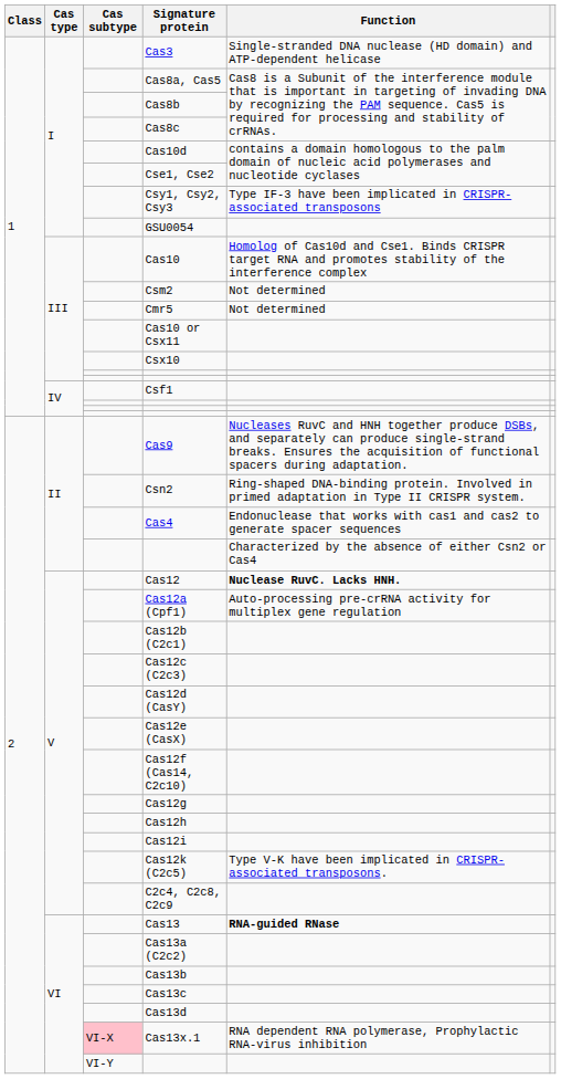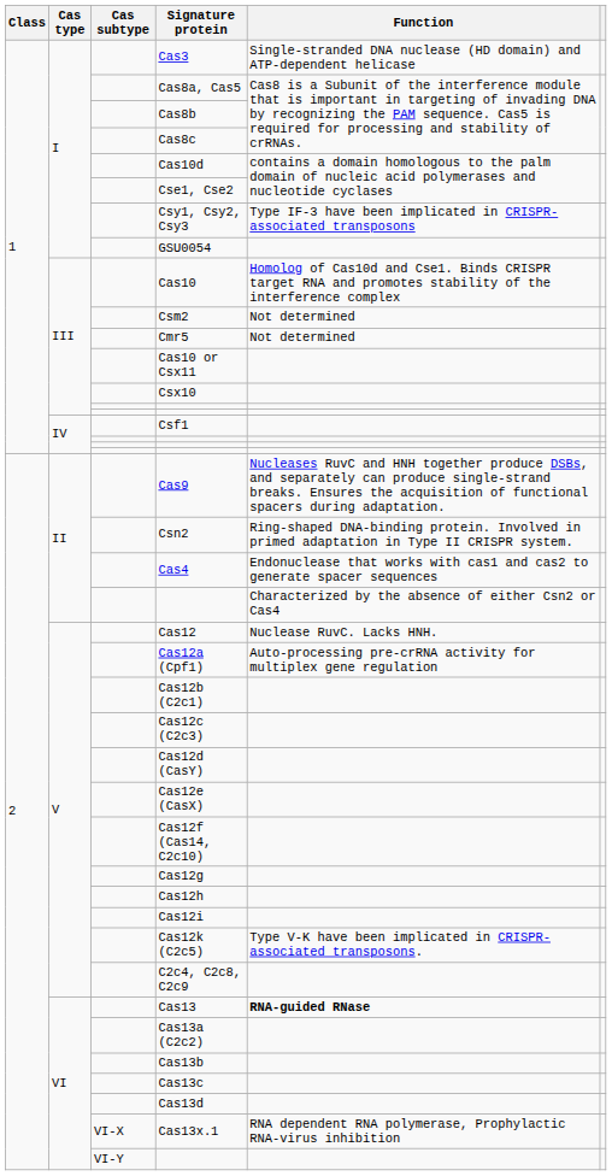 <table class="wikitable center" style="width:100%">
 <tr>
 <th>Class</th>
 <th>Cas type</th>
 <th>Cas subtype</th>
 <th>Signature protein</th>
 <th>Function</th>
 <th></th>
 </tr>
 <tr>
 <td rowspan="19">1</td>
 <td rowspan="8">I</td>
 <td></td>
 <td><a href='#'>Cas3</a></td>
 <td>Single-stranded DNA nuclease (HD domain) and ATP-dependent helicase</td>
 <td></td>
 </tr>
 <tr>
 <td></td>
 <td>Cas8a, Cas5</td>
 <td rowspan="3">Cas8 is a Subunit of the interference module that is important in targeting of invading DNA by recognizing the <a href='#'>PAM</a> sequence. Cas5 is required for processing and stability of crRNAs.</td>
 <td rowspan="3"></td>
 </tr>
 <tr>
 <td></td>
 <td>Cas8b</td>
 </tr>
 <tr>
 <td></td>
 <td>Cas8c</td>
 </tr>
 <tr>
 <td></td>
 <td>Cas10d</td>
 <td rowspan="2">contains a domain homologous to the palm domain of nucleic acid polymerases and nucleotide cyclases</td>
 <td rowspan="2"></td>
 </tr>
 <tr>
 <td></td>
 <td>Cse1, Cse2</td>
 </tr>
 <tr>
 <td></td>
 <td>Csy1, Csy2, Csy3</td>
 <td>Type IF-3 have been implicated in <a href='#'>CRISPR-associated transposons</a></td>
 <td></td>
 </tr>
 <tr>
 <td></td>
 <td>GSU0054</td>
 <td></td>
 <td></td>
 </tr>
 <tr>
 <td rowspan="7">III</td>
 <td></td>
 <td>Cas10</td>
 <td><a href='#'>Homolog</a> of Cas10d and Cse1. Binds CRISPR target RNA and promotes stability of the interference complex</td>
 <td></td>
 </tr>
 <tr>
 <td></td>
 <td>Csm2</td>
 <td>Not determined</td>
 <td></td>
 </tr>
 <tr>
 <td></td>
 <td>Cmr5</td>
 <td>Not determined</td>
 <td></td>
 </tr>
 <tr>
 <td></td>
 <td>Cas10 or Csx11</td>
 <td></td>
 <td></td>
 </tr>
 <tr>
 <td></td>
 <td>Csx10</td>
 <td></td>
 <td></td>
 </tr>
 <tr>
 <td></td>
 <td></td>
 <td></td>
 <td></td>
 </tr>
 <tr>
 <td></td>
 <td></td>
 <td></td>
 <td></td>
 </tr>
 <tr>
 <td rowspan="4">IV</td>
 <td></td>
 <td>Csf1</td>
 <td></td>
 <td></td>
 </tr>
 <tr>
 <td></td>
 <td></td>
 <td></td>
 <td></td>
 </tr>
 <tr>
 <td></td>
 <td></td>
 <td></td>
 <td></td>
 </tr>
 <tr>
 <td></td>
 <td></td>
 <td></td>
 <td></td>
 </tr>
 <tr>
 <td rowspan="23">2</td>
 <td rowspan="4">II</td>
 <td></td>
 <td><a href='#'>Cas9</a></td>
 <td><a href='#'>Nucleases</a> RuvC and HNH together produce <a href='#'>DSBs</a>, and separately can produce single-strand breaks. Ensures the acquisition of functional spacers during adaptation.</td>
 <td></td>
 </tr>
 <tr>
 <td></td>
 <td>Csn2</td>
 <td>Ring-shaped DNA-binding protein. Involved in primed adaptation in Type II CRISPR system.</td>
 <td></td>
 </tr>
 <tr>
 <td></td>
 <td><a href='#'>Cas4</a></td>
 <td>Endonuclease that works with cas1 and cas2 to generate spacer sequences</td>
 <td></td>
 </tr>
 <tr>
 <td></td>
 <td></td>
 <td>Characterized by the absence of either Csn2 or Cas4</td>
 <td></td>
 </tr>
 <tr>
 <td rowspan="12">V</td>
 <td></td>
 <td>Cas12</td>
-<td><strong>Nuclease RuvC. Lacks HNH.</strong></td>
+<td>Nuclease RuvC. Lacks HNH.</td>
 <td></td>
 </tr>
 <tr>
 <td></td>
 <td><a href='#'>Cas12a</a> (Cpf1)</td>
 <td>Auto-processing pre-crRNA activity for multiplex gene regulation</td>
 <td></td>
 </tr>
 <tr>
 <td></td>
 <td>Cas12b (C2c1)</td>
 <td></td>
 <td></td>
 </tr>
 <tr>
 <td></td>
 <td>Cas12c (C2c3)</td>
 <td></td>
 <td></td>
 </tr>
 <tr>
 <td></td>
 <td>Cas12d (CasY)</td>
 <td></td>
 <td></td>
 </tr>
 <tr>
 <td></td>
 <td>Cas12e (CasX)</td>
 <td></td>
 <td></td>
 </tr>
 <tr>
 <td></td>
 <td>Cas12f (Cas14, C2c10)</td>
 <td></td>
 <td></td>
 </tr>
 <tr>
 <td></td>
 <td>Cas12g</td>
 <td></td>
 <td></td>
 </tr>
 <tr>
 <td></td>
 <td>Cas12h</td>
 <td></td>
 <td></td>
 </tr>
 <tr>
 <td></td>
 <td>Cas12i</td>
 <td></td>
 <td></td>
 </tr>
 <tr>
 <td></td>
 <td>Cas12k (C2c5)</td>
 <td>Type V-K have been implicated in <a href='#'>CRISPR-associated transposons</a>.</td>
 <td></td>
 </tr>
 <tr>
 <td></td>
 <td>C2c4, C2c8, C2c9</td>
 <td></td>
 <td></td>
 </tr>
 <tr>
 <td rowspan="7">VI</td>
 <td></td>
 <td>Cas13</td>
 <td><strong>RNA-guided RNase</strong></td>
 <td></td>
 </tr>
 <tr>
 <td></td>
 <td>Cas13a (C2c2)</td>
 <td></td>
 <td></td>
 </tr>
 <tr>
 <td></td>
 <td>Cas13b</td>
 <td></td>
 <td></td>
 </tr>
 <tr>
 <td></td>
 <td>Cas13c</td>
 <td></td>
 <td></td>
 </tr>
 <tr>
 <td></td>
 <td>Cas13d</td>
 <td></td>
 <td></td>
 </tr>
 <tr>
-<td style="background: pink;">VI-X</td>
+<td>VI-X</td>
 <td>Cas13x.1</td>
 <td>RNA dependent RNA polymerase, Prophylactic RNA-virus inhibition</td>
 <td></td>
 </tr>
 <tr>
 <td>VI-Y</td>
 <td></td>
 <td></td>
 <td></td>
 </tr>
 </table>
